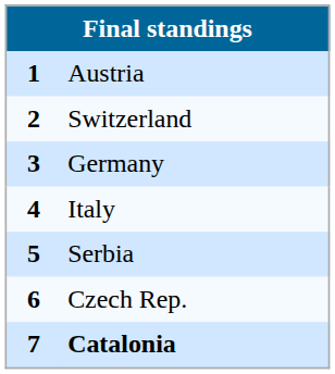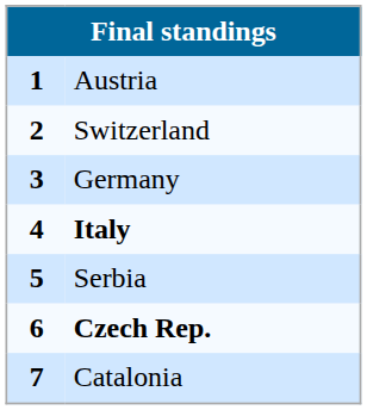 <table align=center cellpadding="4" cellspacing="0" style="background: #f9f9f9; border: 1px #aaa solid; border-collapse: collapse; font-size: 90%;" width=180>
 <tr align=center bgcolor=#006699 style="color:white;">
 <th width=100% colspan=2>Final standings</th>
 </tr>
 <tr align=center bgcolor=#d0e7ff>
 <td><strong>1</strong></td>
 <td align=left> Austria</td>
 </tr>
 <tr align=center bgcolor=#f5faff>
 <td><strong>2</strong></td>
 <td align=left> Switzerland</td>
 </tr>
 <tr align=center bgcolor=#d0e7ff>
 <td><strong>3</strong></td>
 <td align=left> Germany</td>
 </tr>
 <tr align=center bgcolor=#f5faff>
 <td><strong>4</strong></td>
-<td align=left> Italy</td>
+<td align=left><strong> Italy</strong></td>
 </tr>
 <tr align=center bgcolor=#d0e7ff>
 <td><strong>5</strong></td>
 <td align=left> Serbia</td>
 </tr>
 <tr align=center bgcolor=#f5faff>
 <td><strong>6</strong></td>
-<td align=left> Czech Rep.</td>
+<td align=left><strong> Czech Rep.</strong></td>
 </tr>
 <tr align=center bgcolor=#d0e7ff>
 <td><strong>7</strong></td>
-<td align=left><strong> Catalonia</strong></td>
+<td align=left> Catalonia</td>
 </tr>
 </table>
